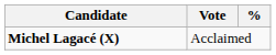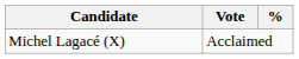 <table class="wikitable">
 <tr>
 <th bgcolor="#DDDDFF" width="200px">Candidate</th>
 <th bgcolor="#DDDDFF" width="50px">Vote</th>
 <th bgcolor="#DDDDFF" width="30px">%</th>
 </tr>
 <tr>
-<td><strong>Michel Lagacé (X)</strong></td>
+<td>Michel Lagacé (X)</td>
 <td colspan="2">Acclaimed</td>
 </tr>
 </table>
